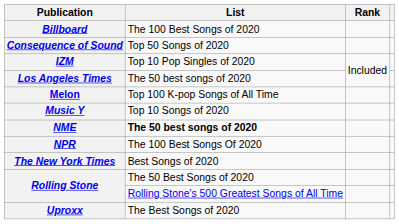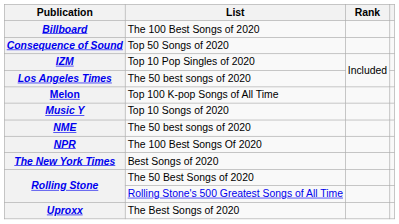 <table class="sortable wikitable plainrowheaders sortable">
 <tr>
 <th scope="col">Publication</th>
 <th scope="col">List</th>
 <th scope="col">Rank</th>
 <th scope="col" class="unsortable"></th>
 </tr>
 <tr>
 <th scope="row"><em><a href='#'>Billboard</a></em></th>
 <td>The 100 Best Songs of 2020</td>
 <td></td>
 <td style="text-align:center;"></td>
 </tr>
 <tr>
 <th scope="row"><em><a href='#'>Consequence of Sound</a></em></th>
 <td>Top 50 Songs of 2020</td>
 <td></td>
 <td style="text-align:center;"></td>
 </tr>
 <tr>
 <th scope="row"><em><a href='#'>IZM</a></em></th>
 <td>Top 10 Pop Singles of 2020</td>
 <td style="text-align:center;" rowspan="2">Included</td>
 <td style="text-align:center;"></td>
 </tr>
 <tr>
 <th scope="row"><em><a href='#'>Los Angeles Times</a></em></th>
 <td>The 50 best songs of 2020</td>
 <td style="text-align:center;"></td>
 </tr>
 <tr>
 <th scope="row"><a href='#'>Melon</a></th>
 <td>Top 100 K-pop Songs of All Time</td>
 <td></td>
 <td style="text-align:center;"></td>
 </tr>
 <tr>
 <th scope="row"><em><a href='#'>Music Y</a></em></th>
 <td>Top 10 Songs of 2020</td>
 <td></td>
 <td style="text-align:center;"></td>
 </tr>
 <tr>
 <th scope="row"><em><a href='#'>NME</a></em></th>
-<td><strong>The 50 best songs of 2020</strong></td>
+<td>The 50 best songs of 2020</td>
 <td></td>
 <td style="text-align:center;"></td>
 </tr>
 <tr>
 <th scope="row"><em><a href='#'>NPR</a></em></th>
 <td>The 100 Best Songs Of 2020</td>
 <td></td>
 <td style="text-align:center;"></td>
 </tr>
 <tr>
 <th scope="row"><em><a href='#'>The New York Times</a></em></th>
 <td>Best Songs of 2020</td>
 <td></td>
 <td style="text-align:center;"></td>
 </tr>
 <tr>
 <th rowspan="2" scope="row"><em><a href='#'>Rolling Stone</a></em></th>
 <td>The 50 Best Songs of 2020</td>
 <td></td>
 <td style="text-align:center;"></td>
 </tr>
 <tr>
 <td><a href='#'>Rolling Stone's 500 Greatest Songs of All Time</a></td>
 <td></td>
 <td style="text-align:center;"></td>
 </tr>
 <tr>
 <th scope="row"><em><a href='#'>Uproxx</a></em></th>
 <td>The Best Songs of 2020</td>
 <td></td>
 <td style="text-align:center;"></td>
 </tr>
 </table>
